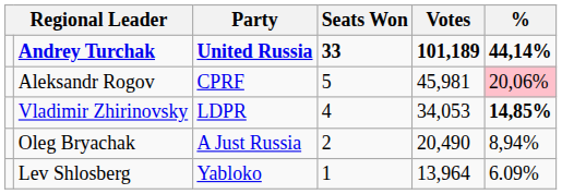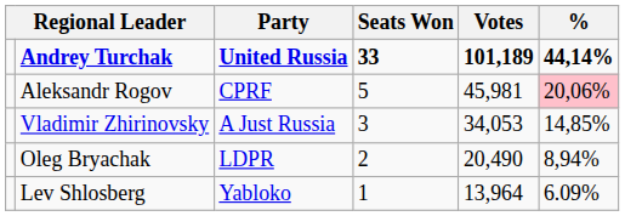 <table class="wikitable Sortable">
 <tr>
 <th colspan="2">Regional Leader</th>
 <th>Party</th>
 <th>Seats Won</th>
 <th>Votes</th>
 <th>%</th>
 </tr>
 <tr>
 <td style="background-color: "></td>
 <td><strong><a href='#'>Andrey Turchak</a></strong></td>
 <td><strong><a href='#'>United Russia</a></strong></td>
 <td><strong>33</strong></td>
 <td><strong>101,189</strong></td>
 <td><strong>44,14%</strong></td>
 </tr>
 <tr>
 <td style="background-color: "></td>
 <td>Aleksandr Rogov</td>
 <td><a href='#'>CPRF</a></td>
 <td>5</td>
 <td>45,981</td>
 <td style="background: pink;">20,06%</td>
 </tr>
 <tr>
 <td style="background-color: "></td>
 <td><a href='#'>Vladimir Zhirinovsky</a></td>
-<td><a href='#'>LDPR</a></td>
-<td>4</td>
+<td><a href='#'>A Just Russia</a></td>
+<td>3</td>
 <td>34,053</td>
-<td><strong>14,85%</strong></td>
+<td>14,85%</td>
 </tr>
 <tr>
 <td style="background-color: "></td>
 <td>Oleg Bryachak</td>
-<td><a href='#'>A Just Russia</a></td>
+<td><a href='#'>LDPR</a></td>
 <td>2</td>
 <td>20,490</td>
 <td>8,94%</td>
 </tr>
 <tr>
 <td style="background-color: "></td>
 <td>Lev Shlosberg</td>
 <td><a href='#'>Yabloko</a></td>
 <td>1</td>
 <td>13,964</td>
 <td>6.09%</td>
 </tr>
 </table>
